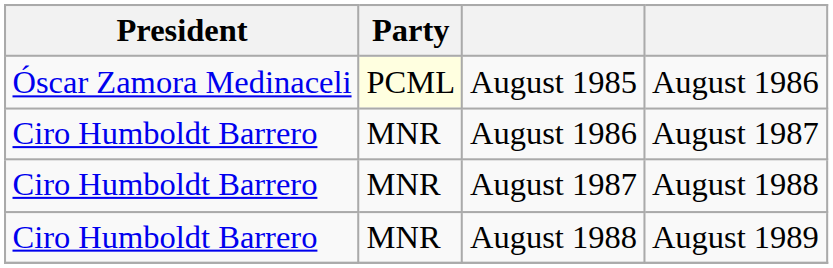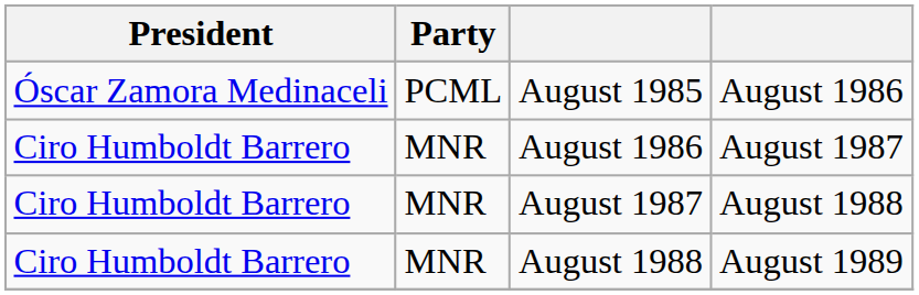 <table class="wikitable">
 <tr>
 <th>President</th>
 <th>Party</th>
 <th></th>
 <th></th>
 </tr>
 <tr>
 <td><a href='#'>Óscar Zamora Medinaceli</a></td>
-<td style="background: lightyellow;">PCML</td>
+<td>PCML</td>
 <td>August 1985</td>
 <td>August 1986</td>
 </tr>
 <tr>
 <td><a href='#'>Ciro Humboldt Barrero</a></td>
 <td>MNR</td>
 <td>August 1986</td>
 <td>August 1987</td>
 </tr>
 <tr>
 <td><a href='#'>Ciro Humboldt Barrero</a></td>
 <td>MNR</td>
 <td>August 1987</td>
 <td>August 1988</td>
 </tr>
 <tr>
 <td><a href='#'>Ciro Humboldt Barrero</a></td>
 <td>MNR</td>
 <td>August 1988</td>
 <td>August 1989</td>
 </tr>
 <tr>
 </tr>
 </table>
